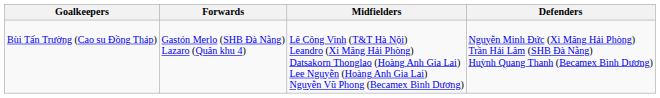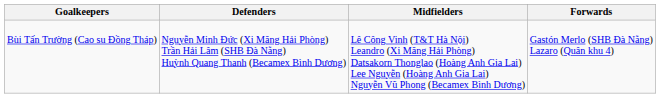 <table class="wikitable" style="margin: 0 auto;">
 <tr>
 <th>Goalkeepers</th>
+<th>Defenders</th>
+<th>Midfielders</th>
 <th>Forwards</th>
-<th>Midfielders</th>
-<th>Defenders</th>
 </tr>
 <tr>
 <td valign=top><br> <a href='#'>Bùi Tấn Trường</a> (<a href='#'>Cao su Đồng Tháp</a>) <br></td>
+<td valign=top><br> <a href='#'>Nguyễn Minh Đức</a> (<a href='#'>Xi Măng Hải Phòng</a>)<br>  <a href='#'>Trần Hải Lâm</a> (<a href='#'>SHB Đà Nẵng</a>)<br>  <a href='#'>Huỳnh Quang Thanh</a> (<a href='#'>Becamex Bình Dương</a>)</td>
+<td valign=top><br> <a href='#'>Lê Công Vinh</a> (<a href='#'>T&T Hà Nội</a>)<br>  <a href='#'>Leandro</a> (<a href='#'>Xi Măng Hải Phòng</a>)<br>  <a href='#'>Datsakorn Thonglao</a> (<a href='#'>Hoàng Anh Gia Lai</a>)<br>  <a href='#'>Lee Nguyễn</a> (<a href='#'>Hoàng Anh Gia Lai</a>)<br>  <a href='#'>Nguyễn Vũ Phong</a> (<a href='#'>Becamex Bình Dương</a>)</td>
 <td valign=top><br> <a href='#'>Gastón Merlo</a> (<a href='#'>SHB Đà Nẵng</a>)<br>  <a href='#'>Lazaro</a>  (<a href='#'>Quân khu 4</a>)</td>
-<td valign=top><br> <a href='#'>Lê Công Vinh</a> (<a href='#'>T&T Hà Nội</a>)<br>  <a href='#'>Leandro</a> (<a href='#'>Xi Măng Hải Phòng</a>)<br>  <a href='#'>Datsakorn Thonglao</a> (<a href='#'>Hoàng Anh Gia Lai</a>)<br>  <a href='#'>Lee Nguyễn</a> (<a href='#'>Hoàng Anh Gia Lai</a>)<br>  <a href='#'>Nguyễn Vũ Phong</a> (<a href='#'>Becamex Bình Dương</a>)</td>
-<td valign=top><br> <a href='#'>Nguyễn Minh Đức</a> (<a href='#'>Xi Măng Hải Phòng</a>)<br>  <a href='#'>Trần Hải Lâm</a> (<a href='#'>SHB Đà Nẵng</a>)<br>  <a href='#'>Huỳnh Quang Thanh</a> (<a href='#'>Becamex Bình Dương</a>)</td>
 </tr>
 </table>
